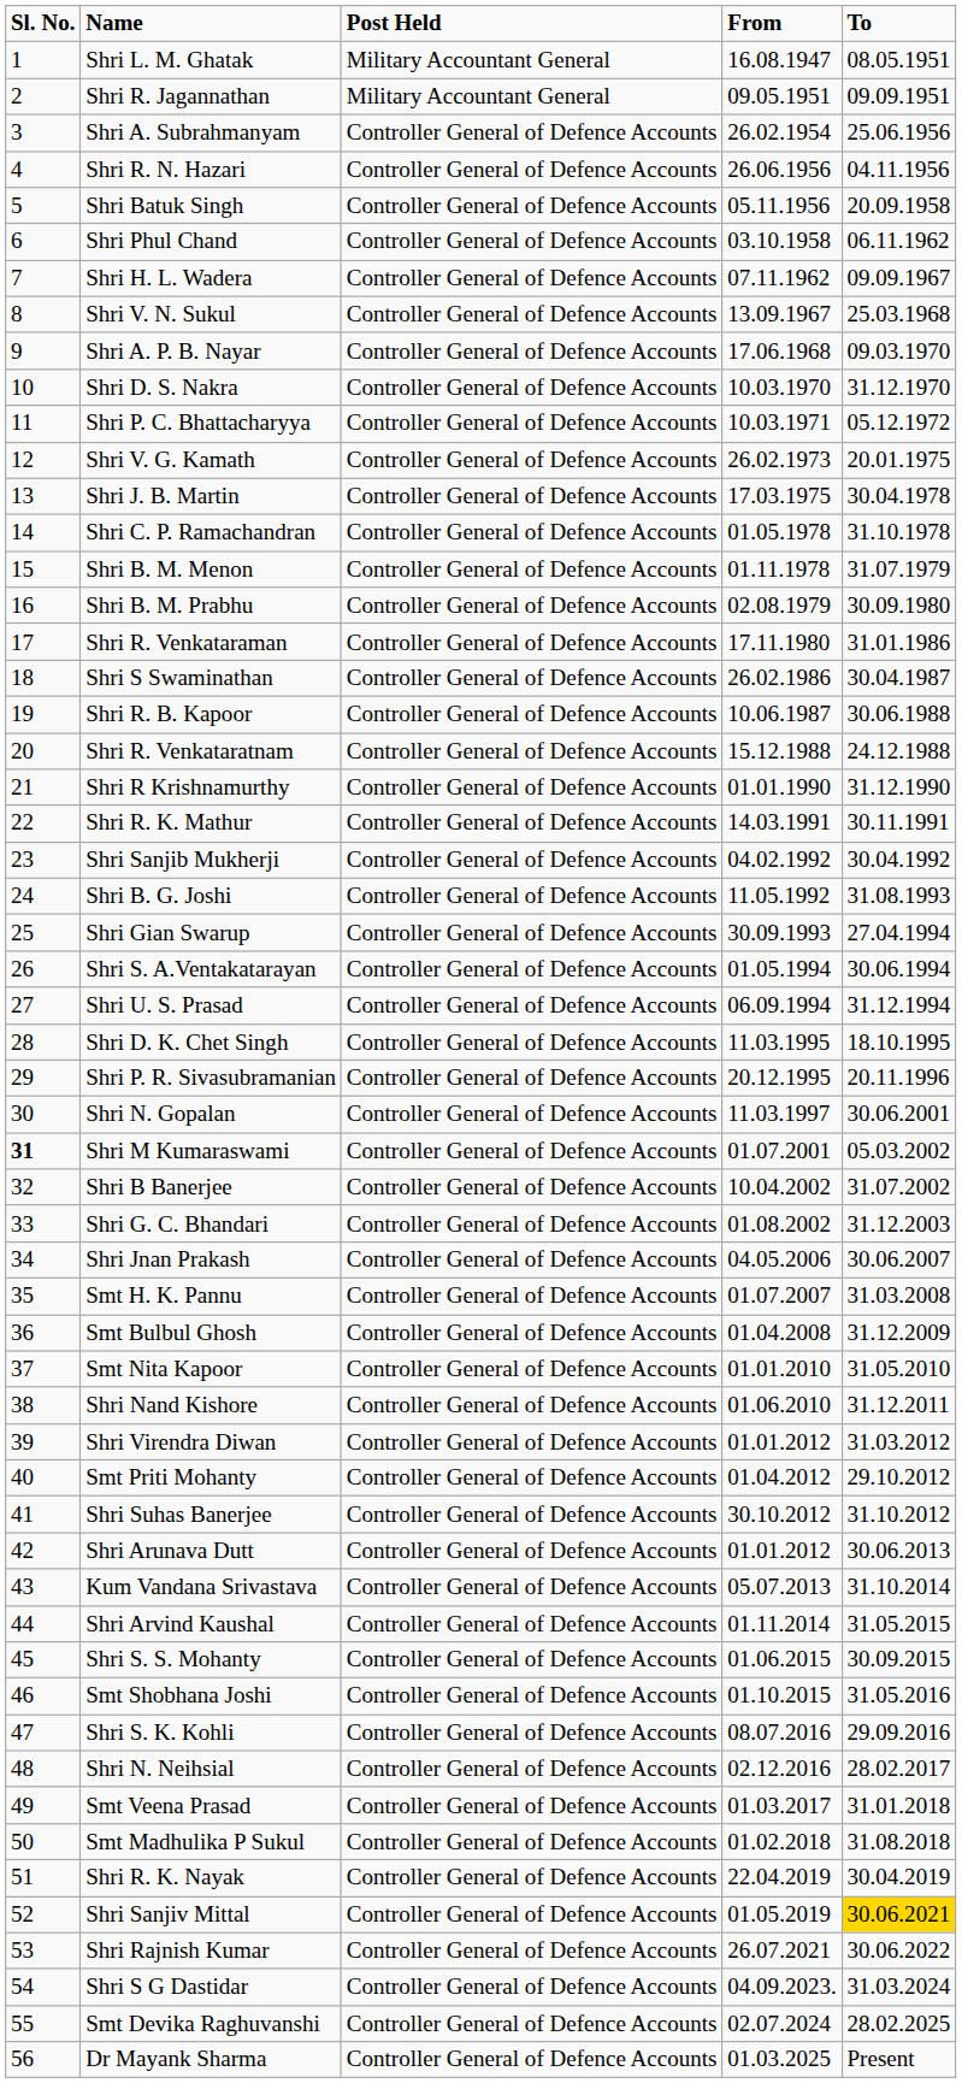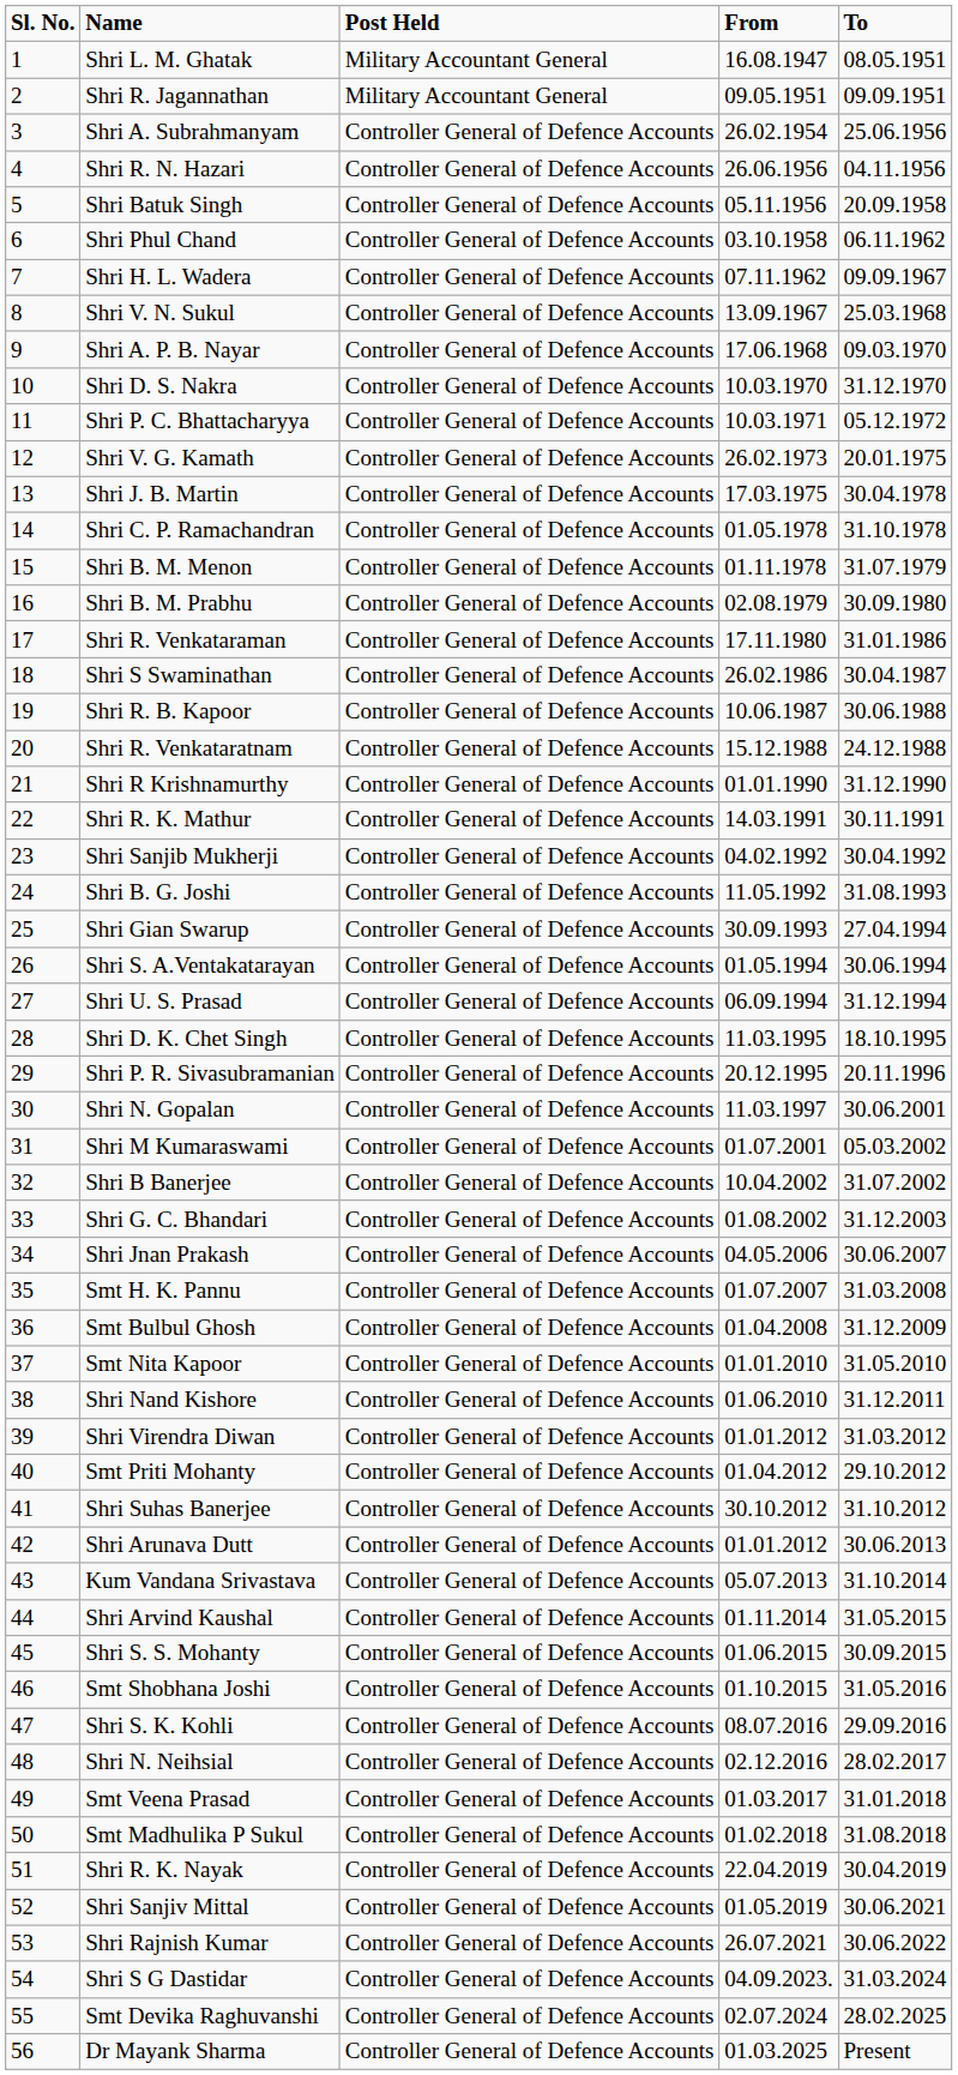 <table class="wikitable sortable">
 <tr>
 <td><strong>Sl. No.</strong></td>
 <td><strong>Name</strong></td>
 <td><strong>Post Held</strong></td>
 <td><strong>From</strong></td>
 <td><strong>To</strong></td>
 </tr>
 <tr>
 <td>1</td>
 <td>Shri L. M. Ghatak</td>
 <td>Military Accountant  General</td>
 <td>16.08.1947</td>
 <td>08.05.1951</td>
 </tr>
 <tr>
 <td>2</td>
 <td>Shri R. Jagannathan</td>
 <td>Military Accountant  General</td>
 <td>09.05.1951</td>
 <td>09.09.1951</td>
 </tr>
 <tr>
 <td>3</td>
 <td>Shri A. Subrahmanyam</td>
 <td>Controller General of  Defence Accounts</td>
 <td>26.02.1954</td>
 <td>25.06.1956</td>
 </tr>
 <tr>
 <td>4</td>
 <td>Shri R. N. Hazari</td>
 <td>Controller General of  Defence Accounts</td>
 <td>26.06.1956</td>
 <td>04.11.1956</td>
 </tr>
 <tr>
 <td>5</td>
 <td>Shri Batuk Singh</td>
 <td>Controller General of  Defence Accounts</td>
 <td>05.11.1956</td>
 <td>20.09.1958</td>
 </tr>
 <tr>
 <td>6</td>
 <td>Shri Phul Chand</td>
 <td>Controller General of  Defence Accounts</td>
 <td>03.10.1958</td>
 <td>06.11.1962</td>
 </tr>
 <tr>
 <td>7</td>
 <td>Shri H. L. Wadera</td>
 <td>Controller General of  Defence Accounts</td>
 <td>07.11.1962</td>
 <td>09.09.1967</td>
 </tr>
 <tr>
 <td>8</td>
 <td>Shri V. N. Sukul</td>
 <td>Controller General of  Defence Accounts</td>
 <td>13.09.1967</td>
 <td>25.03.1968</td>
 </tr>
 <tr>
 <td>9</td>
 <td>Shri A. P. B. Nayar</td>
 <td>Controller General of  Defence Accounts</td>
 <td>17.06.1968</td>
 <td>09.03.1970</td>
 </tr>
 <tr>
 <td>10</td>
 <td>Shri D. S. Nakra</td>
 <td>Controller General of  Defence Accounts</td>
 <td>10.03.1970</td>
 <td>31.12.1970</td>
 </tr>
 <tr>
 <td>11</td>
 <td>Shri P. C.  Bhattacharyya</td>
 <td>Controller General of  Defence Accounts</td>
 <td>10.03.1971</td>
 <td>05.12.1972</td>
 </tr>
 <tr>
 <td>12</td>
 <td>Shri V. G. Kamath</td>
 <td>Controller General of  Defence Accounts</td>
 <td>26.02.1973</td>
 <td>20.01.1975</td>
 </tr>
 <tr>
 <td>13</td>
 <td>Shri J. B. Martin</td>
 <td>Controller General of  Defence Accounts</td>
 <td>17.03.1975</td>
 <td>30.04.1978</td>
 </tr>
 <tr>
 <td>14</td>
 <td>Shri C. P.  Ramachandran</td>
 <td>Controller General of  Defence Accounts</td>
 <td>01.05.1978</td>
 <td>31.10.1978</td>
 </tr>
 <tr>
 <td>15</td>
 <td>Shri B. M. Menon</td>
 <td>Controller General of  Defence Accounts</td>
 <td>01.11.1978</td>
 <td>31.07.1979</td>
 </tr>
 <tr>
 <td>16</td>
 <td>Shri B. M.  Prabhu</td>
 <td>Controller General of  Defence Accounts</td>
 <td>02.08.1979</td>
 <td>30.09.1980</td>
 </tr>
 <tr>
 <td>17</td>
 <td>Shri R. Venkataraman</td>
 <td>Controller General of  Defence Accounts</td>
 <td>17.11.1980</td>
 <td>31.01.1986</td>
 </tr>
 <tr>
 <td>18</td>
 <td>Shri S Swaminathan</td>
 <td>Controller General of  Defence Accounts</td>
 <td>26.02.1986</td>
 <td>30.04.1987</td>
 </tr>
 <tr>
 <td>19</td>
 <td>Shri R. B.  Kapoor</td>
 <td>Controller General of  Defence Accounts</td>
 <td>10.06.1987</td>
 <td>30.06.1988</td>
 </tr>
 <tr>
 <td>20</td>
 <td>Shri R. Venkataratnam</td>
 <td>Controller General of  Defence Accounts</td>
 <td>15.12.1988</td>
 <td>24.12.1988</td>
 </tr>
 <tr>
 <td>21</td>
 <td>Shri R Krishnamurthy</td>
 <td>Controller General of  Defence Accounts</td>
 <td>01.01.1990</td>
 <td>31.12.1990</td>
 </tr>
 <tr>
 <td>22</td>
 <td>Shri R. K. Mathur</td>
 <td>Controller General of  Defence Accounts</td>
 <td>14.03.1991</td>
 <td>30.11.1991</td>
 </tr>
 <tr>
 <td>23</td>
 <td>Shri Sanjib Mukherji</td>
 <td>Controller General of  Defence Accounts</td>
 <td>04.02.1992</td>
 <td>30.04.1992</td>
 </tr>
 <tr>
 <td>24</td>
 <td>Shri B. G. Joshi</td>
 <td>Controller General of  Defence Accounts</td>
 <td>11.05.1992</td>
 <td>31.08.1993</td>
 </tr>
 <tr>
 <td>25</td>
 <td>Shri Gian Swarup</td>
 <td>Controller General of  Defence Accounts</td>
 <td>30.09.1993</td>
 <td>27.04.1994</td>
 </tr>
 <tr>
 <td>26</td>
 <td>Shri S.  A.Ventakatarayan</td>
 <td>Controller General of  Defence Accounts</td>
 <td>01.05.1994</td>
 <td>30.06.1994</td>
 </tr>
 <tr>
 <td>27</td>
 <td>Shri U. S. Prasad</td>
 <td>Controller General of  Defence Accounts</td>
 <td>06.09.1994</td>
 <td>31.12.1994</td>
 </tr>
 <tr>
 <td>28</td>
 <td>Shri D. K. Chet  Singh</td>
 <td>Controller General of  Defence Accounts</td>
 <td>11.03.1995</td>
 <td>18.10.1995</td>
 </tr>
 <tr>
 <td>29</td>
 <td>Shri P. R.  Sivasubramanian</td>
 <td>Controller General of  Defence Accounts</td>
 <td>20.12.1995</td>
 <td>20.11.1996</td>
 </tr>
 <tr>
 <td>30</td>
 <td>Shri N. Gopalan</td>
 <td>Controller General of  Defence Accounts</td>
 <td>11.03.1997</td>
 <td>30.06.2001</td>
 </tr>
 <tr>
-<td><strong>31</strong></td>
+<td>31</td>
 <td>Shri M Kumaraswami</td>
 <td>Controller General of  Defence Accounts</td>
 <td>01.07.2001</td>
 <td>05.03.2002</td>
 </tr>
 <tr>
 <td>32</td>
 <td>Shri B Banerjee</td>
 <td>Controller General of  Defence Accounts</td>
 <td>10.04.2002</td>
 <td>31.07.2002</td>
 </tr>
 <tr>
 <td>33</td>
 <td>Shri G. C. Bhandari</td>
 <td>Controller General of  Defence Accounts</td>
 <td>01.08.2002</td>
 <td>31.12.2003</td>
 </tr>
 <tr>
 <td>34</td>
 <td>Shri Jnan Prakash</td>
 <td>Controller General of  Defence Accounts</td>
 <td>04.05.2006</td>
 <td>30.06.2007</td>
 </tr>
 <tr>
 <td>35</td>
 <td>Smt H. K. Pannu</td>
 <td>Controller General of  Defence Accounts</td>
 <td>01.07.2007</td>
 <td>31.03.2008</td>
 </tr>
 <tr>
 <td>36</td>
 <td>Smt Bulbul Ghosh</td>
 <td>Controller General of  Defence Accounts</td>
 <td>01.04.2008</td>
 <td>31.12.2009</td>
 </tr>
 <tr>
 <td>37</td>
 <td>Smt Nita Kapoor</td>
 <td>Controller General of  Defence Accounts</td>
 <td>01.01.2010</td>
 <td>31.05.2010</td>
 </tr>
 <tr>
 <td>38</td>
 <td>Shri Nand Kishore</td>
 <td>Controller General of  Defence Accounts</td>
 <td>01.06.2010</td>
 <td>31.12.2011</td>
 </tr>
 <tr>
 <td>39</td>
 <td>Shri Virendra Diwan</td>
 <td>Controller General of  Defence Accounts</td>
 <td>01.01.2012</td>
 <td>31.03.2012</td>
 </tr>
 <tr>
 <td>40</td>
 <td>Smt Priti Mohanty</td>
 <td>Controller General of  Defence Accounts</td>
 <td>01.04.2012</td>
 <td>29.10.2012</td>
 </tr>
 <tr>
 <td>41</td>
 <td>Shri Suhas Banerjee</td>
 <td>Controller General of  Defence Accounts</td>
 <td>30.10.2012</td>
 <td>31.10.2012</td>
 </tr>
 <tr>
 <td>42</td>
 <td>Shri Arunava Dutt</td>
 <td>Controller General of  Defence Accounts</td>
 <td>01.01.2012</td>
 <td>30.06.2013</td>
 </tr>
 <tr>
 <td>43</td>
 <td>Kum Vandana  Srivastava</td>
 <td>Controller General of  Defence Accounts</td>
 <td>05.07.2013</td>
 <td>31.10.2014</td>
 </tr>
 <tr>
 <td>44</td>
 <td>Shri Arvind Kaushal</td>
 <td>Controller General of  Defence Accounts</td>
 <td>01.11.2014</td>
 <td>31.05.2015</td>
 </tr>
 <tr>
 <td>45</td>
 <td>Shri S. S. Mohanty</td>
 <td>Controller General of  Defence Accounts</td>
 <td>01.06.2015</td>
 <td>30.09.2015</td>
 </tr>
 <tr>
 <td>46</td>
 <td>Smt Shobhana Joshi</td>
 <td>Controller General of  Defence Accounts</td>
 <td>01.10.2015</td>
 <td>31.05.2016</td>
 </tr>
 <tr>
 <td>47</td>
 <td>Shri S. K. Kohli</td>
 <td>Controller General of  Defence Accounts</td>
 <td>08.07.2016</td>
 <td>29.09.2016</td>
 </tr>
 <tr>
 <td>48</td>
 <td>Shri N. Neihsial</td>
 <td>Controller General of  Defence Accounts</td>
 <td>02.12.2016</td>
 <td>28.02.2017</td>
 </tr>
 <tr>
 <td>49</td>
 <td>Smt Veena Prasad</td>
 <td>Controller General of  Defence Accounts</td>
 <td>01.03.2017</td>
 <td>31.01.2018</td>
 </tr>
 <tr>
 <td>50</td>
 <td>Smt Madhulika P Sukul</td>
 <td>Controller General of  Defence Accounts</td>
 <td>01.02.2018</td>
 <td>31.08.2018</td>
 </tr>
 <tr>
 <td>51</td>
 <td>Shri R. K. Nayak</td>
 <td>Controller General of  Defence Accounts</td>
 <td>22.04.2019</td>
 <td>30.04.2019</td>
 </tr>
 <tr>
 <td>52</td>
 <td>Shri Sanjiv Mittal</td>
 <td>Controller General of  Defence Accounts</td>
 <td>01.05.2019</td>
-<td style="background: gold;">30.06.2021</td>
+<td>30.06.2021</td>
 </tr>
 <tr>
 <td>53</td>
 <td>Shri Rajnish Kumar</td>
 <td>Controller General of  Defence Accounts</td>
 <td>26.07.2021</td>
 <td>30.06.2022</td>
 </tr>
 <tr>
 <td>54</td>
 <td>Shri S G Dastidar</td>
 <td>Controller General of Defence Accounts</td>
 <td>04.09.2023.</td>
 <td>31.03.2024</td>
 </tr>
 <tr>
 <td>55</td>
 <td>Smt Devika Raghuvanshi</td>
 <td>Controller General of Defence Accounts</td>
 <td>02.07.2024</td>
 <td>28.02.2025</td>
 </tr>
 <tr>
 <td>56</td>
 <td>Dr Mayank Sharma</td>
 <td>Controller General of Defence Accounts</td>
 <td>01.03.2025</td>
 <td>Present</td>
 </tr>
 </table>
